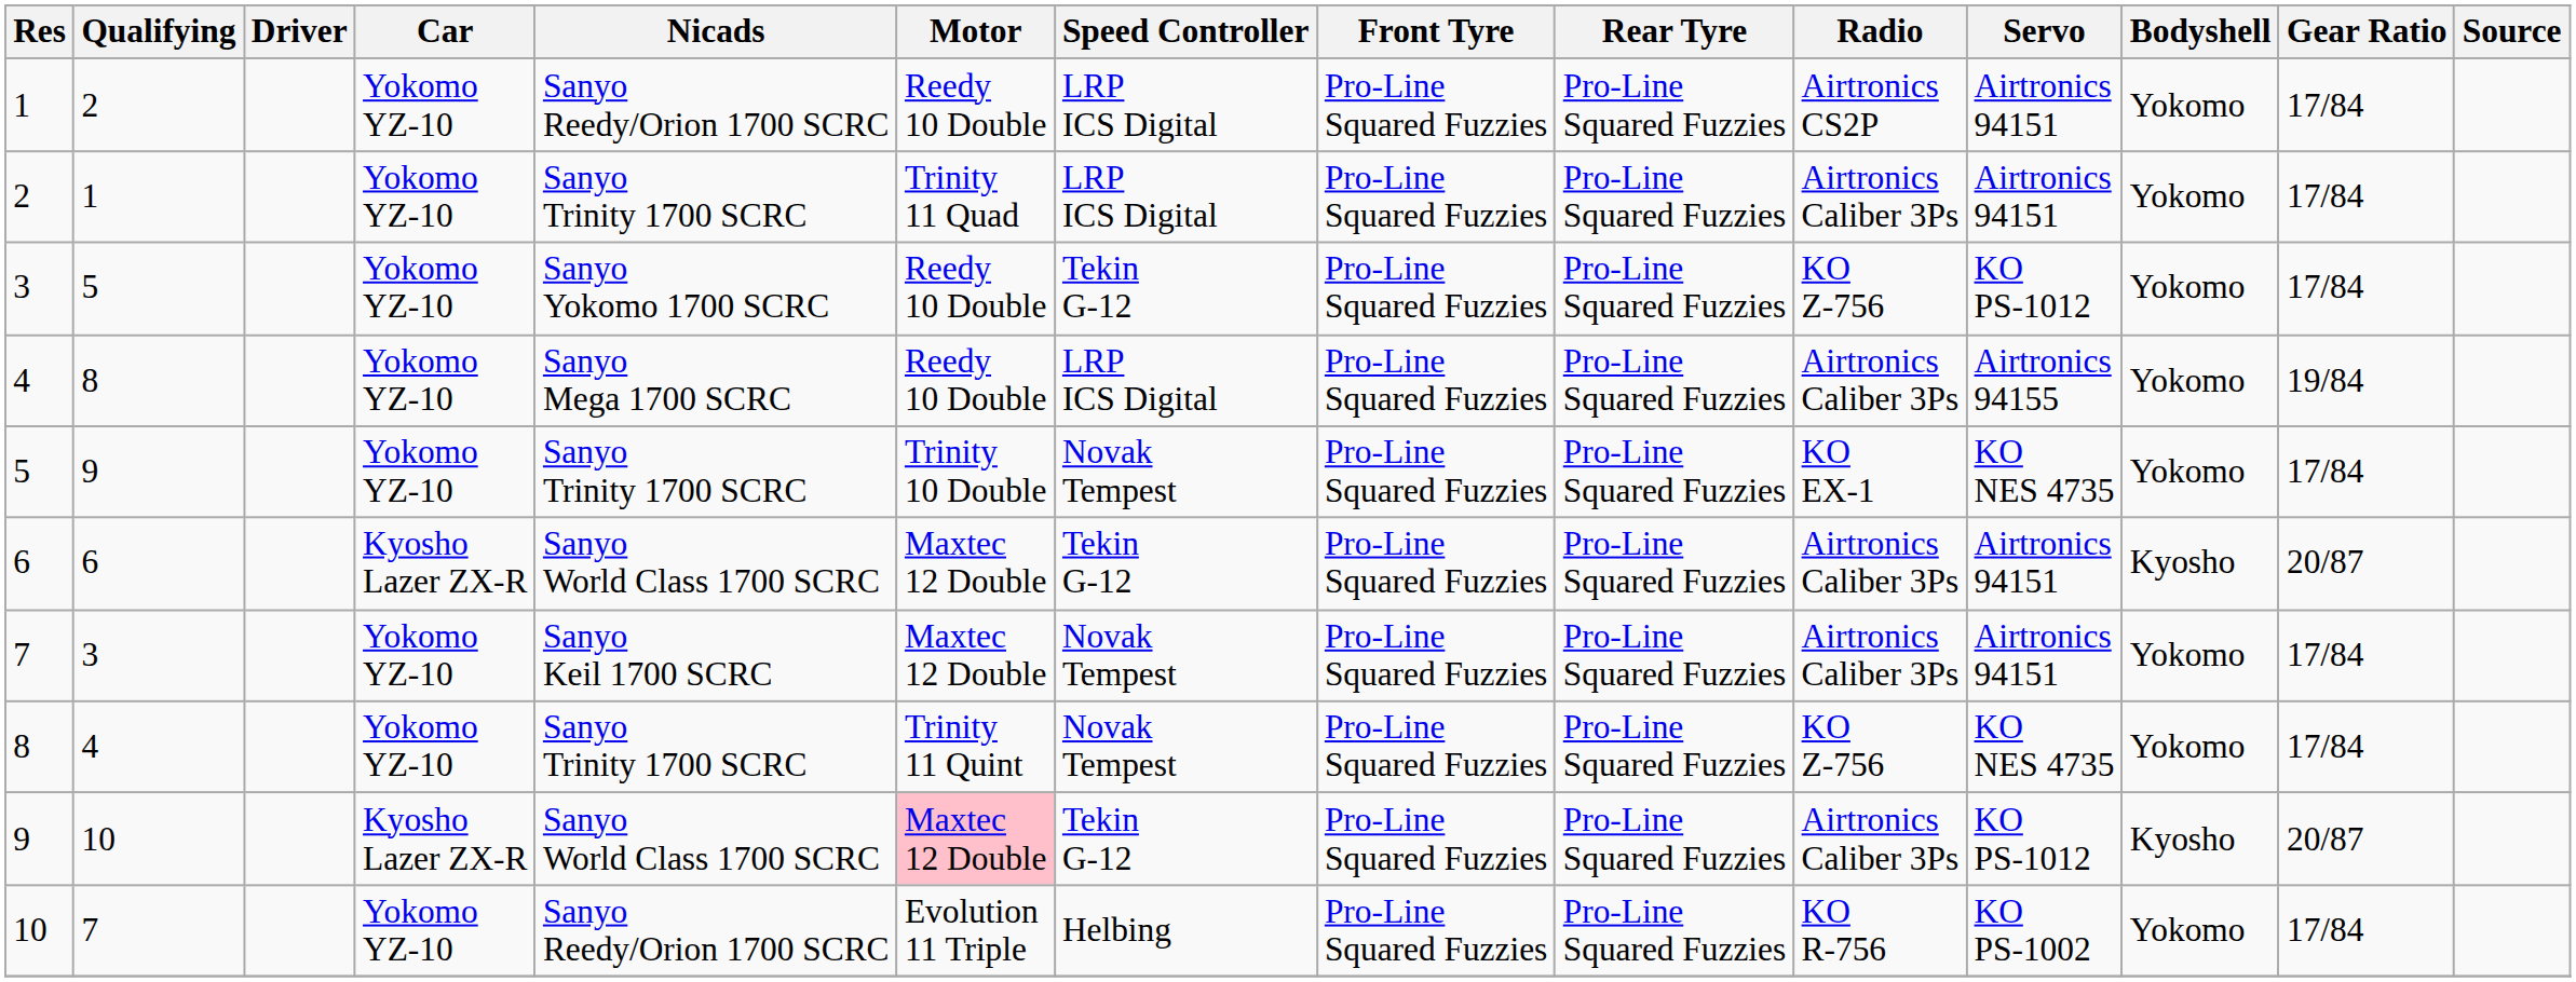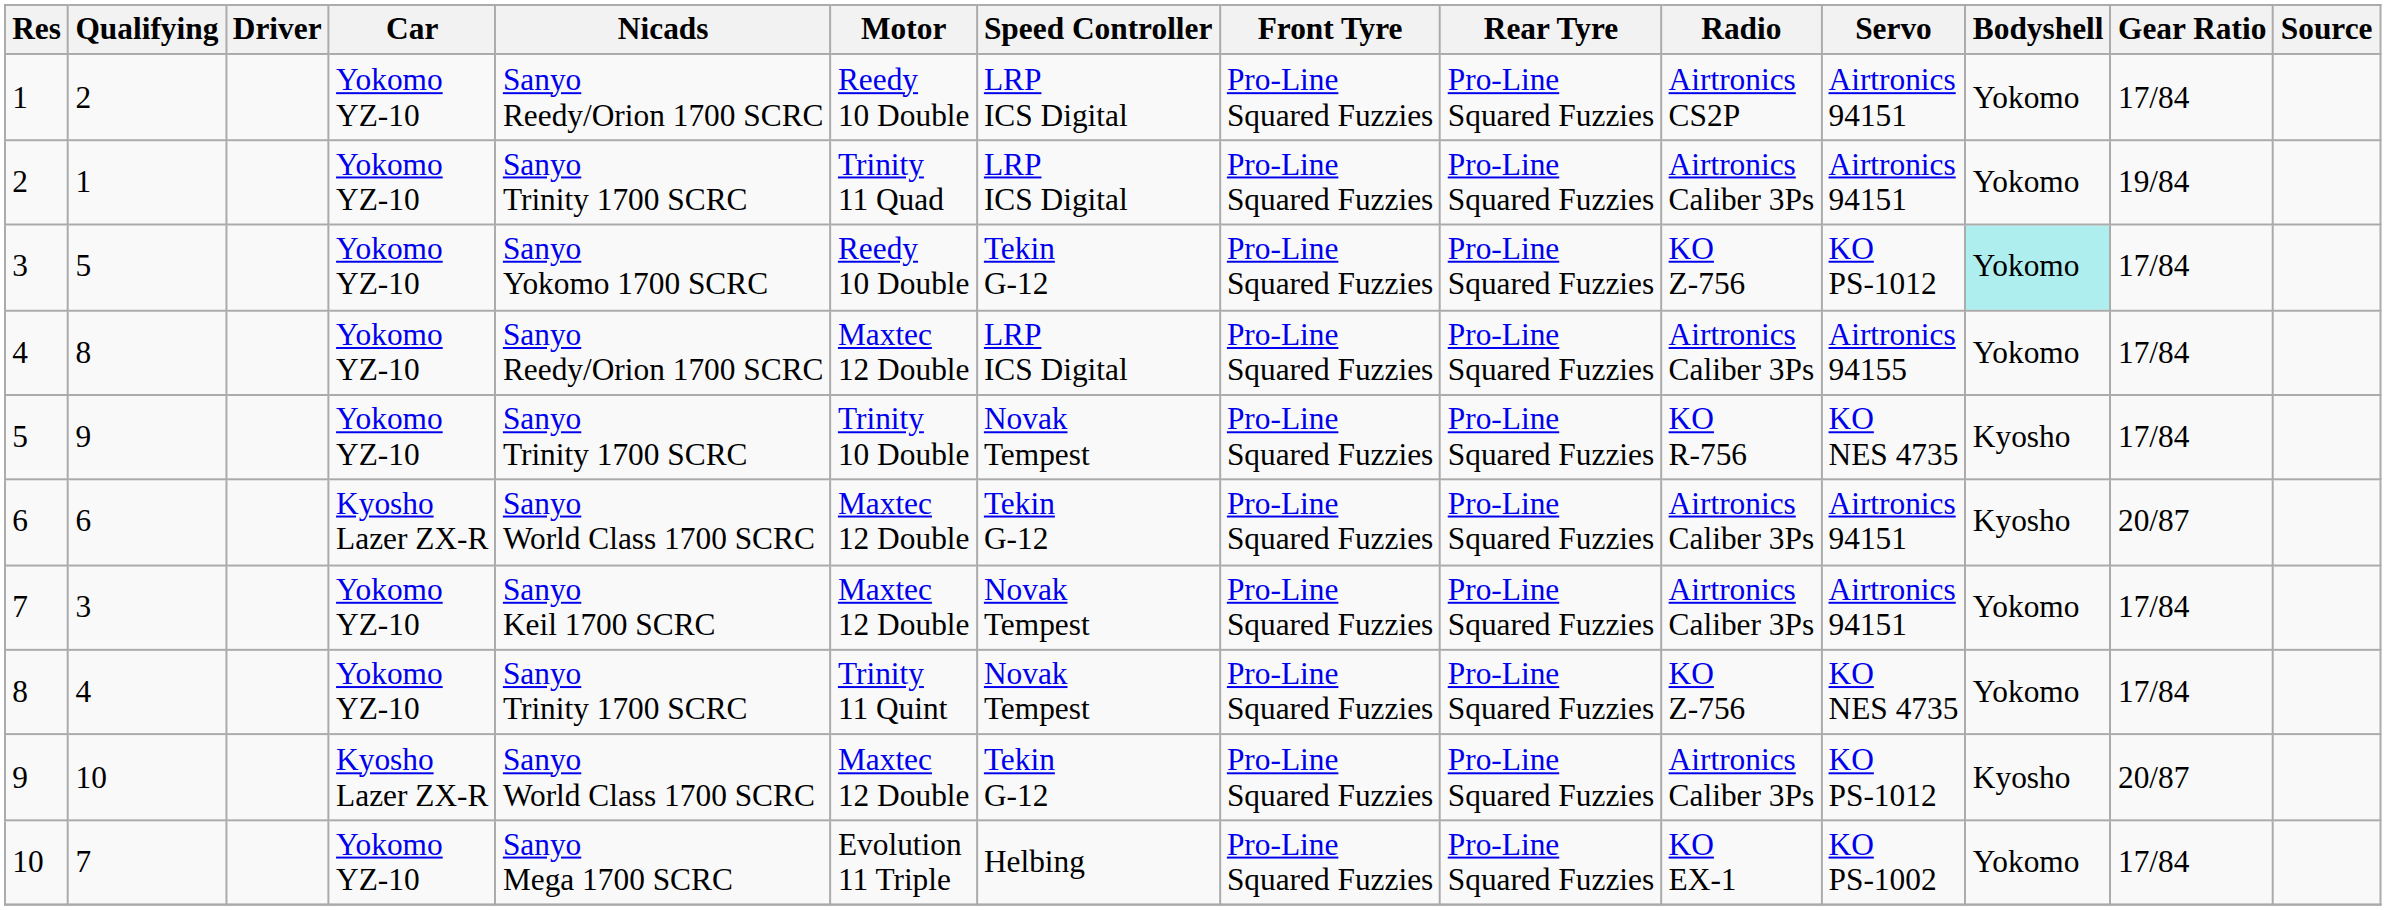 <table class="wikitable sortable">
 <tr>
 <th>Res</th>
 <th>Qualifying</th>
 <th>Driver</th>
 <th>Car</th>
 <th>Nicads</th>
 <th>Motor</th>
 <th>Speed Controller</th>
 <th>Front Tyre</th>
 <th>Rear Tyre</th>
 <th>Radio</th>
 <th>Servo</th>
 <th>Bodyshell</th>
 <th>Gear Ratio</th>
 <th>Source</th>
 </tr>
 <tr>
 <td>1</td>
 <td>2</td>
 <td></td>
 <td><a href='#'>Yokomo</a> <br> YZ-10</td>
 <td><a href='#'>Sanyo</a> <br> Reedy/Orion 1700 SCRC</td>
 <td><a href='#'>Reedy</a> <br> 10 Double</td>
 <td><a href='#'>LRP</a> <br> ICS Digital</td>
 <td><a href='#'>Pro-Line</a> <br> Squared Fuzzies</td>
 <td><a href='#'>Pro-Line</a> <br> Squared Fuzzies</td>
 <td><a href='#'>Airtronics</a> <br> CS2P</td>
 <td><a href='#'>Airtronics</a> <br> 94151</td>
 <td>Yokomo</td>
 <td>17/84</td>
 <td></td>
 </tr>
 <tr>
 <td>2</td>
 <td>1</td>
 <td></td>
 <td><a href='#'>Yokomo</a> <br> YZ-10</td>
 <td><a href='#'>Sanyo</a> <br> Trinity 1700 SCRC</td>
 <td><a href='#'>Trinity</a> <br> 11 Quad</td>
 <td><a href='#'>LRP</a> <br> ICS Digital</td>
 <td><a href='#'>Pro-Line</a> <br> Squared Fuzzies</td>
 <td><a href='#'>Pro-Line</a> <br> Squared Fuzzies</td>
 <td><a href='#'>Airtronics</a> <br> Caliber 3Ps</td>
 <td><a href='#'>Airtronics</a> <br> 94151</td>
 <td>Yokomo</td>
-<td>17/84</td>
+<td>19/84</td>
 <td></td>
 </tr>
 <tr>
 <td>3</td>
 <td>5</td>
 <td></td>
 <td><a href='#'>Yokomo</a> <br> YZ-10</td>
 <td><a href='#'>Sanyo</a> <br> Yokomo 1700 SCRC</td>
 <td><a href='#'>Reedy</a> <br> 10 Double</td>
 <td><a href='#'>Tekin</a> <br> G-12</td>
 <td><a href='#'>Pro-Line</a> <br> Squared Fuzzies</td>
 <td><a href='#'>Pro-Line</a> <br> Squared Fuzzies</td>
 <td><a href='#'>KO</a> <br> Z-756</td>
 <td><a href='#'>KO</a> <br> PS-1012</td>
-<td>Yokomo</td>
+<td style="background: paleturquoise;">Yokomo</td>
 <td>17/84</td>
 <td></td>
 </tr>
 <tr>
 <td>4</td>
 <td>8</td>
 <td></td>
 <td><a href='#'>Yokomo</a> <br> YZ-10</td>
-<td><a href='#'>Sanyo</a> <br> Mega 1700 SCRC</td>
-<td><a href='#'>Reedy</a> <br> 10 Double</td>
+<td><a href='#'>Sanyo</a> <br> Reedy/Orion 1700 SCRC</td>
+<td><a href='#'>Maxtec</a> <br> 12 Double</td>
 <td><a href='#'>LRP</a> <br> ICS Digital</td>
 <td><a href='#'>Pro-Line</a> <br> Squared Fuzzies</td>
 <td><a href='#'>Pro-Line</a> <br> Squared Fuzzies</td>
 <td><a href='#'>Airtronics</a> <br> Caliber 3Ps</td>
 <td><a href='#'>Airtronics</a> <br> 94155</td>
 <td>Yokomo</td>
-<td>19/84</td>
+<td>17/84</td>
 <td></td>
 </tr>
 <tr>
 <td>5</td>
 <td>9</td>
 <td></td>
 <td><a href='#'>Yokomo</a> <br> YZ-10</td>
 <td><a href='#'>Sanyo</a> <br> Trinity 1700 SCRC</td>
 <td><a href='#'>Trinity</a> <br> 10 Double</td>
 <td><a href='#'>Novak</a> <br> Tempest</td>
 <td><a href='#'>Pro-Line</a> <br> Squared Fuzzies</td>
 <td><a href='#'>Pro-Line</a> <br> Squared Fuzzies</td>
-<td><a href='#'>KO</a> <br> EX-1</td>
+<td><a href='#'>KO</a> <br> R-756</td>
 <td><a href='#'>KO</a> <br> NES 4735</td>
-<td>Yokomo</td>
+<td>Kyosho</td>
 <td>17/84</td>
 <td></td>
 </tr>
 <tr>
 <td>6</td>
 <td>6</td>
 <td></td>
 <td><a href='#'>Kyosho</a> <br> Lazer ZX-R</td>
 <td><a href='#'>Sanyo</a> <br> World Class 1700 SCRC</td>
 <td><a href='#'>Maxtec</a> <br> 12 Double</td>
 <td><a href='#'>Tekin</a> <br> G-12</td>
 <td><a href='#'>Pro-Line</a> <br> Squared Fuzzies</td>
 <td><a href='#'>Pro-Line</a> <br> Squared Fuzzies</td>
 <td><a href='#'>Airtronics</a> <br> Caliber 3Ps</td>
 <td><a href='#'>Airtronics</a> <br> 94151</td>
 <td>Kyosho</td>
 <td>20/87</td>
 <td></td>
 </tr>
 <tr>
 <td>7</td>
 <td>3</td>
 <td></td>
 <td><a href='#'>Yokomo</a> <br> YZ-10</td>
 <td><a href='#'>Sanyo</a> <br> Keil 1700 SCRC</td>
 <td><a href='#'>Maxtec</a> <br> 12 Double</td>
 <td><a href='#'>Novak</a> <br> Tempest</td>
 <td><a href='#'>Pro-Line</a> <br> Squared Fuzzies</td>
 <td><a href='#'>Pro-Line</a> <br> Squared Fuzzies</td>
 <td><a href='#'>Airtronics</a> <br> Caliber 3Ps</td>
 <td><a href='#'>Airtronics</a> <br> 94151</td>
 <td>Yokomo</td>
 <td>17/84</td>
 <td></td>
 </tr>
 <tr>
 <td>8</td>
 <td>4</td>
 <td></td>
 <td><a href='#'>Yokomo</a> <br> YZ-10</td>
 <td><a href='#'>Sanyo</a> <br> Trinity 1700 SCRC</td>
 <td><a href='#'>Trinity</a> <br> 11 Quint</td>
 <td><a href='#'>Novak</a> <br> Tempest</td>
 <td><a href='#'>Pro-Line</a> <br> Squared Fuzzies</td>
 <td><a href='#'>Pro-Line</a> <br> Squared Fuzzies</td>
 <td><a href='#'>KO</a> <br> Z-756</td>
 <td><a href='#'>KO</a> <br> NES 4735</td>
 <td>Yokomo</td>
 <td>17/84</td>
 <td></td>
 </tr>
 <tr>
 <td>9</td>
 <td>10</td>
 <td></td>
 <td><a href='#'>Kyosho</a> <br> Lazer ZX-R</td>
 <td><a href='#'>Sanyo</a> <br> World Class 1700 SCRC</td>
-<td style="background: pink;"><a href='#'>Maxtec</a> <br> 12 Double</td>
+<td><a href='#'>Maxtec</a> <br> 12 Double</td>
 <td><a href='#'>Tekin</a> <br> G-12</td>
 <td><a href='#'>Pro-Line</a> <br> Squared Fuzzies</td>
 <td><a href='#'>Pro-Line</a> <br> Squared Fuzzies</td>
 <td><a href='#'>Airtronics</a> <br> Caliber 3Ps</td>
 <td><a href='#'>KO</a> <br> PS-1012</td>
 <td>Kyosho</td>
 <td>20/87</td>
 <td></td>
 </tr>
 <tr>
 <td>10</td>
 <td>7</td>
 <td></td>
 <td><a href='#'>Yokomo</a> <br> YZ-10</td>
-<td><a href='#'>Sanyo</a> <br> Reedy/Orion 1700 SCRC</td>
+<td><a href='#'>Sanyo</a> <br> Mega 1700 SCRC</td>
 <td>Evolution <br> 11 Triple</td>
 <td>Helbing</td>
 <td><a href='#'>Pro-Line</a> <br> Squared Fuzzies</td>
 <td><a href='#'>Pro-Line</a> <br> Squared Fuzzies</td>
-<td><a href='#'>KO</a> <br> R-756</td>
+<td><a href='#'>KO</a> <br> EX-1</td>
 <td><a href='#'>KO</a> <br> PS-1002</td>
 <td>Yokomo</td>
 <td>17/84</td>
 <td></td>
 </tr>
 <tr>
 </tr>
 </table>
